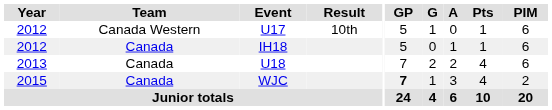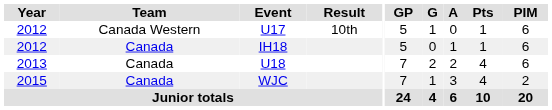 <table border="0" cellpadding="1" cellspacing="0" ID="Table3" style="text-align:center; width:40em">
 <tr ALIGN="center" bgcolor="#e0e0e0">
 <th>Year</th>
 <th>Team</th>
 <th>Event</th>
 <th>Result</th>
 <th rowspan="99" bgcolor="#ffffff"></th>
 <th>GP</th>
 <th>G</th>
 <th>A</th>
 <th>Pts</th>
 <th>PIM</th>
 </tr>
 <tr>
 <td><a href='#'>2012</a></td>
 <td>Canada Western</td>
 <td><a href='#'>U17</a></td>
 <td>10th</td>
 <td>5</td>
 <td>1</td>
 <td>0</td>
 <td>1</td>
 <td>6</td>
 </tr>
 <tr bgcolor="#f0f0f0">
 <td><a href='#'>2012</a></td>
 <td><a href='#'>Canada</a></td>
 <td><a href='#'>IH18</a></td>
 <td></td>
 <td>5</td>
 <td>0</td>
 <td>1</td>
 <td>1</td>
 <td>6</td>
 </tr>
 <tr ALIGN="center">
 <td><a href='#'>2013</a></td>
 <td>Canada</td>
 <td><a href='#'>U18</a></td>
 <td></td>
 <td>7</td>
 <td>2</td>
 <td>2</td>
 <td>4</td>
 <td>6</td>
 </tr>
 <tr bgcolor="#f0f0f0">
 <td><a href='#'>2015</a></td>
 <td><a href='#'>Canada</a></td>
 <td><a href='#'>WJC</a></td>
 <td></td>
-<td><strong>7</strong></td>
+<td>7</td>
 <td>1</td>
 <td>3</td>
 <td>4</td>
 <td>2</td>
 </tr>
 <tr bgcolor="#e0e0e0">
 <th colspan="4">Junior totals</th>
 <th>24</th>
 <th>4</th>
 <th>6</th>
 <th>10</th>
 <th>20</th>
 </tr>
 </table>
